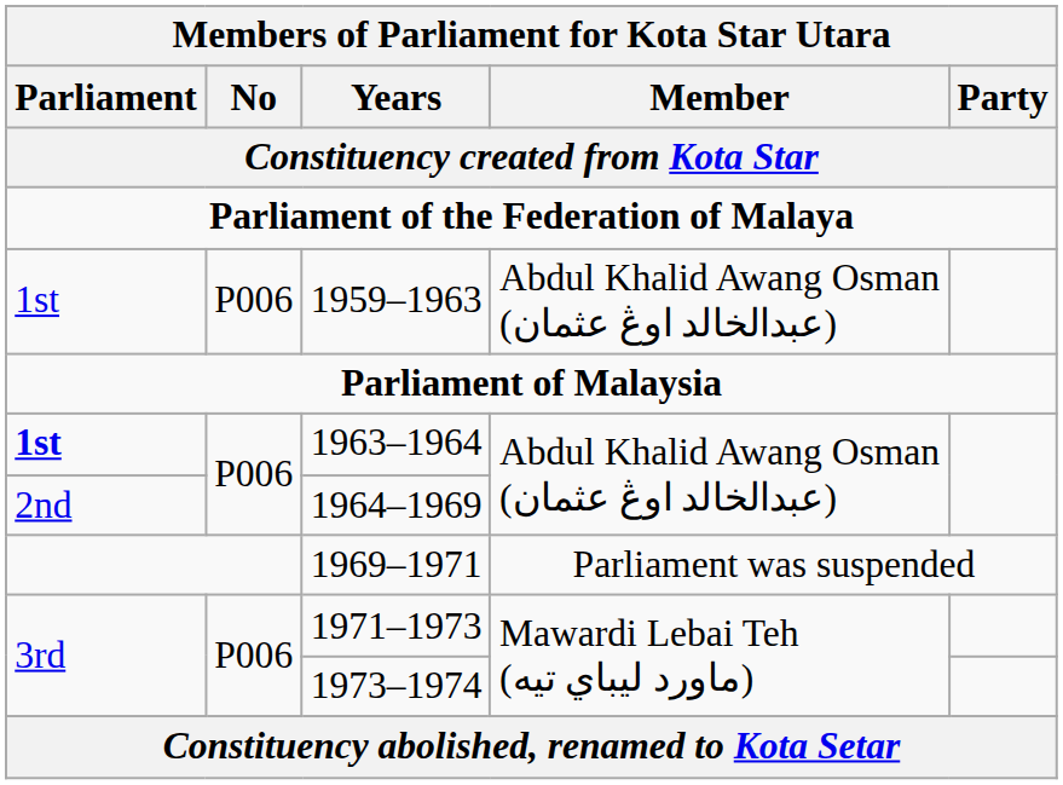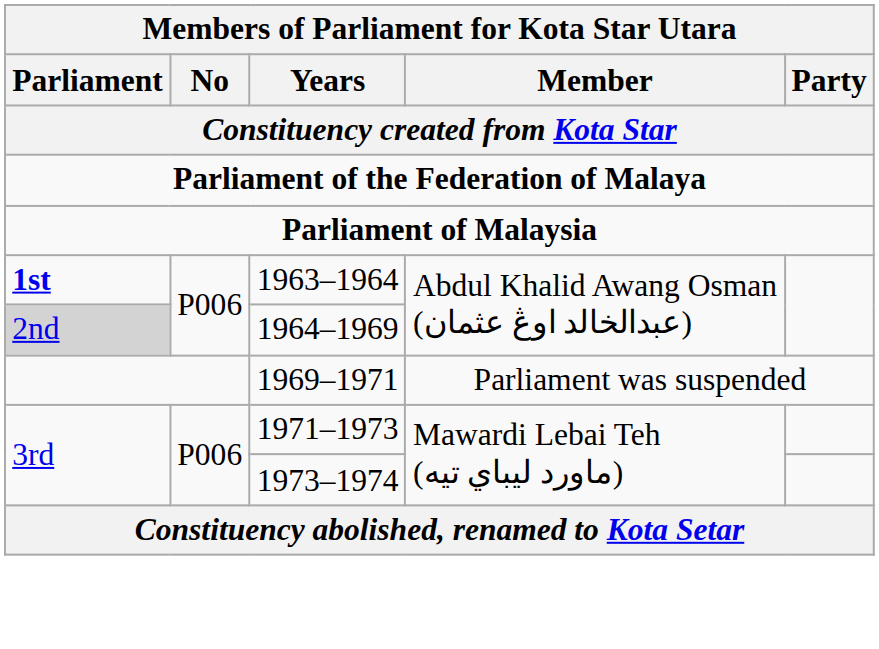 <table class=wikitable>
 <tr>
 <th colspan="5">Members of Parliament for Kota Star Utara</th>
 </tr>
 <tr>
 <th>Parliament</th>
 <th>No</th>
 <th>Years</th>
 <th>Member</th>
 <th>Party</th>
 </tr>
 <tr>
 <th colspan="5" align="center"><em>Constituency created from <a href='#'>Kota Star</a></em></th>
 </tr>
 <tr>
 <td colspan="5" align="center"><strong>Parliament of the Federation of Malaya</strong></td>
 </tr>
 <tr>
-<td><a href='#'>1st</a></td>
-<td>P006</td>
-<td>1959–1963</td>
-<td>Abdul Khalid Awang Osman  <br> (عبدالخالد اوڠ عثمان)</td>
-<td></td>
-</tr>
-<tr>
 <td colspan="5" align="center"><strong>Parliament of Malaysia</strong></td>
 </tr>
 <tr>
 <td><strong><a href='#'>1st</a></strong></td>
 <td rowspan="2">P006</td>
 <td>1963–1964</td>
 <td rowspan="2">Abdul Khalid Awang Osman <br>  (عبدالخالد اوڠ عثمان)</td>
 <td rowspan=2></td>
 </tr>
 <tr>
-<td><a href='#'>2nd</a></td>
+<td style="background: lightgrey;"><a href='#'>2nd</a></td>
 <td>1964–1969</td>
 </tr>
 <tr>
 <td colspan="2"></td>
 <td>1969–1971</td>
 <td colspan="2" align="center">Parliament was suspended</td>
 </tr>
 <tr>
 <td rowspan=2><a href='#'>3rd</a></td>
 <td rowspan="2">P006</td>
 <td>1971–1973</td>
 <td rowspan="2">Mawardi Lebai Teh <br>  (ماورد ليباي تيه)</td>
 <td></td>
 </tr>
 <tr>
 <td>1973–1974</td>
 <td></td>
 </tr>
 <tr>
 <th colspan="5" align="center"><em>Constituency abolished, renamed to <a href='#'>Kota Setar</a></em></th>
 </tr>
 </table>
